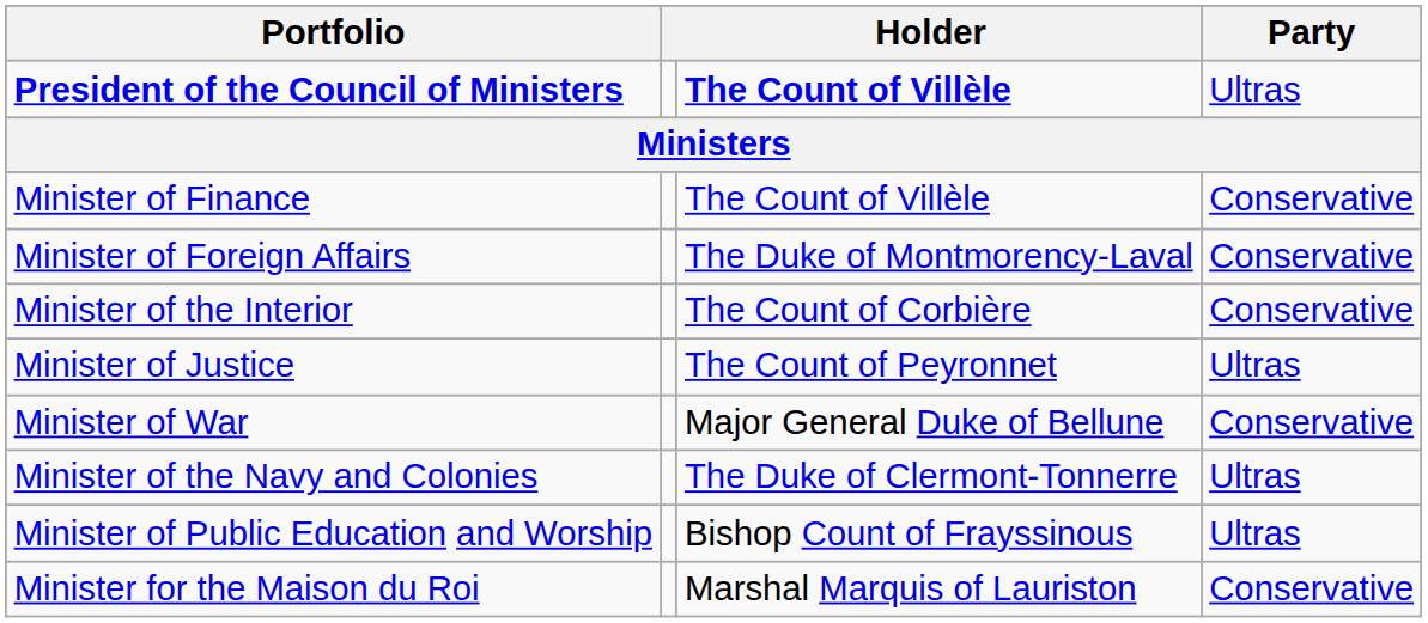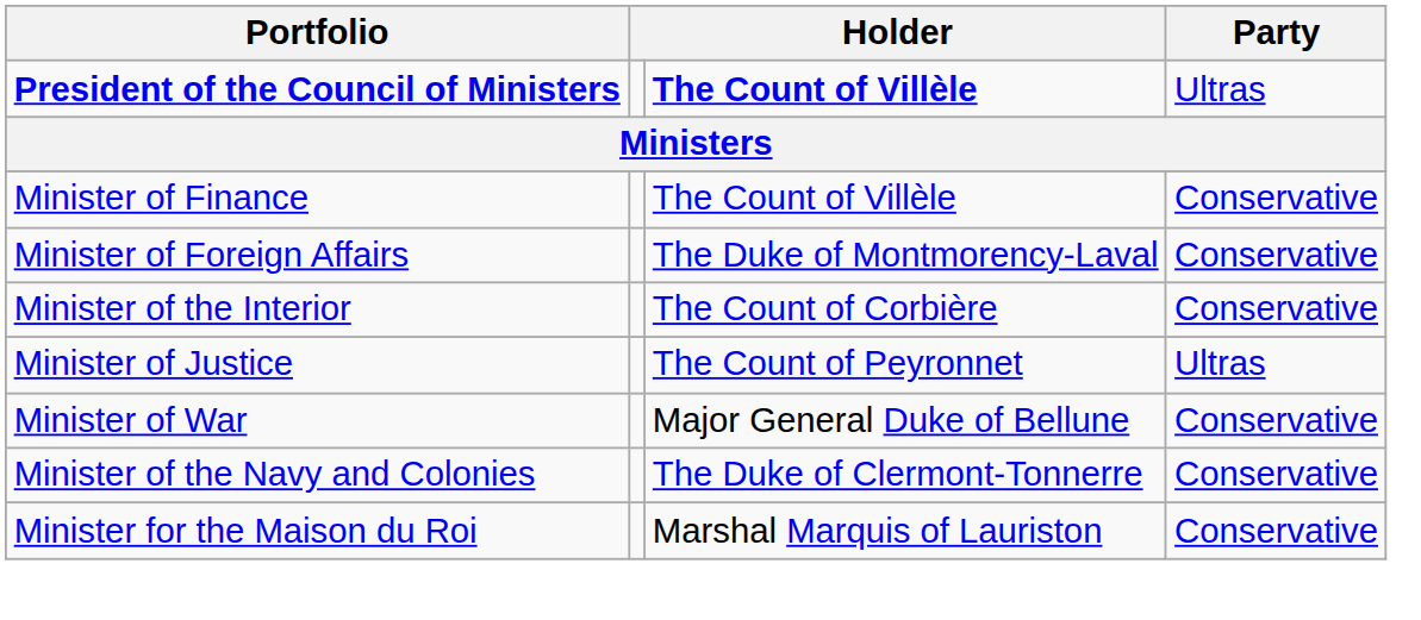 <table class="wikitable">
 <tr>
 <th>Portfolio</th>
 <th colspan=2>Holder</th>
 <th>Party</th>
 </tr>
 <tr>
 <td><strong><a href='#'>President of the Council of Ministers</a></strong></td>
 <td style="background:"></td>
 <td><strong><a href='#'>The Count of Villèle</a></strong></td>
 <td><a href='#'>Ultras</a></td>
 </tr>
 <tr>
 <th colspan=4 align=center><a href='#'>Ministers</a></th>
 </tr>
 <tr>
 <td><a href='#'>Minister of Finance</a></td>
 <td style="background:"></td>
 <td><a href='#'>The Count of Villèle</a></td>
 <td><a href='#'>Conservative</a></td>
 </tr>
 <tr>
 <td><a href='#'>Minister of Foreign Affairs</a></td>
 <td style="background:"></td>
 <td><a href='#'>The Duke of Montmorency-Laval</a></td>
 <td><a href='#'>Conservative</a></td>
 </tr>
 <tr>
 <td><a href='#'>Minister of the Interior</a></td>
 <td style="background:"></td>
 <td><a href='#'>The Count of Corbière</a></td>
 <td><a href='#'>Conservative</a></td>
 </tr>
 <tr>
 <td><a href='#'>Minister of Justice</a></td>
 <td style="background:"></td>
 <td><a href='#'>The Count of Peyronnet</a></td>
 <td><a href='#'>Ultras</a></td>
 </tr>
 <tr>
 <td><a href='#'>Minister of War</a></td>
 <td style="background:"></td>
 <td>Major General <a href='#'>Duke of Bellune</a></td>
 <td><a href='#'>Conservative</a></td>
 </tr>
 <tr>
 <td><a href='#'>Minister of the Navy and Colonies</a></td>
 <td style="background:"></td>
 <td><a href='#'>The Duke of Clermont-Tonnerre</a></td>
-<td><a href='#'>Ultras</a></td>
-</tr>
-<tr>
-<td><a href='#'>Minister of Public Education</a> <a href='#'>and Worship</a></td>
-<td style="background:"></td>
-<td>Bishop <a href='#'>Count of Frayssinous</a></td>
-<td><a href='#'>Ultras</a></td>
+<td><a href='#'>Conservative</a></td>
 </tr>
 <tr>
 <td><a href='#'>Minister for the Maison du Roi</a></td>
 <td style="background:"></td>
 <td>Marshal <a href='#'>Marquis of Lauriston</a></td>
 <td><a href='#'>Conservative</a></td>
 </tr>
 </table>
